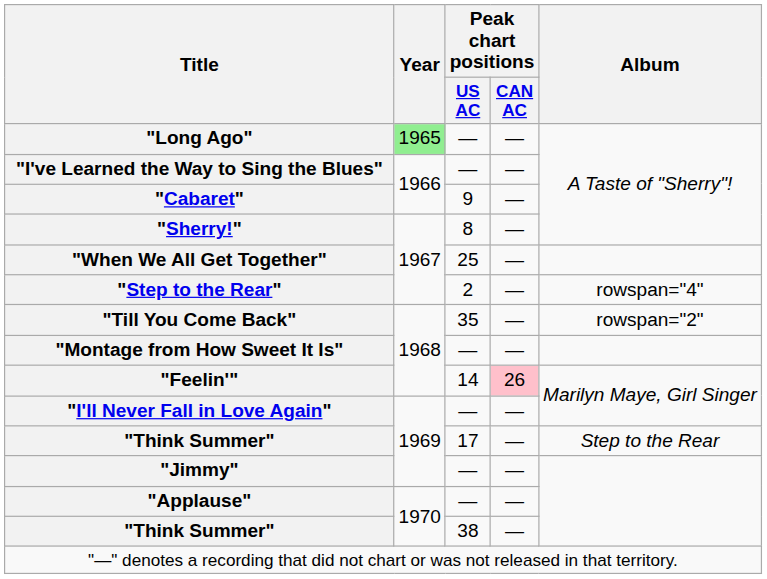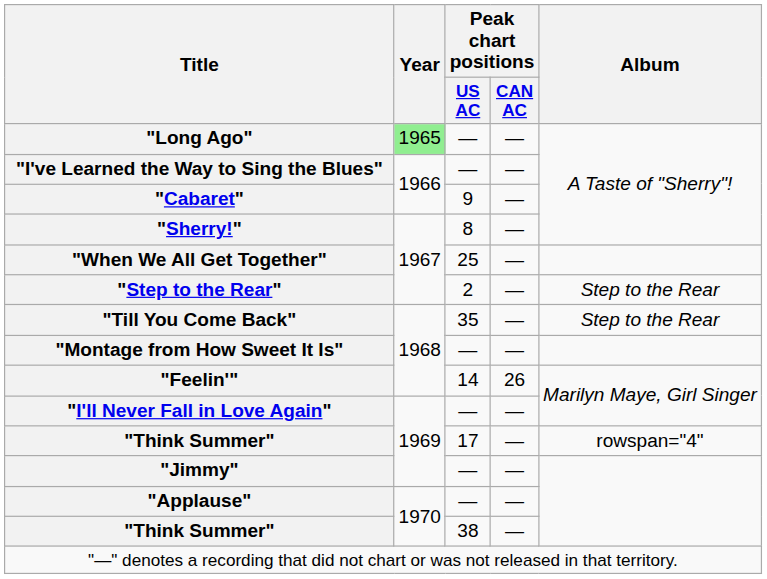 <table class="wikitable plainrowheaders" style="text-align:center;" border="1">
 <tr>
 <th scope="col" rowspan="2" style="width:20em;">Title</th>
 <th scope="col" rowspan="2">Year</th>
 <th scope="col" colspan="2">Peak chart<br>positions</th>
 <th scope="col" rowspan="2">Album</th>
 </tr>
 <tr>
 <th scope="col" style="width:2em;font-size:90%;"><a href='#'>US<br>AC</a><br></th>
 <th scope="col" style="width:2em;font-size:90%;"><a href='#'>CAN<br>AC</a><br></th>
 </tr>
 <tr>
 <th scope="row">"Long Ago"</th>
 <td style="background: lightgreen;">1965</td>
 <td>—</td>
 <td>—</td>
 <td rowspan="4"><em>A Taste of "Sherry"!</em></td>
 </tr>
 <tr>
 <th scope="row">"I've Learned the Way to Sing the Blues"</th>
 <td rowspan="2">1966</td>
 <td>—</td>
 <td>—</td>
 </tr>
 <tr>
 <th scope="row">"<a href='#'>Cabaret</a>"</th>
 <td>9</td>
 <td>—</td>
 </tr>
 <tr>
 <th scope="row">"<a href='#'>Sherry!</a>"</th>
 <td rowspan="3">1967</td>
 <td>8</td>
 <td>—</td>
 </tr>
 <tr>
 <th scope="row">"When We All Get Together"</th>
 <td>25</td>
 <td>—</td>
 <td></td>
 </tr>
 <tr>
 <th scope="row">"<a href='#'>Step to the Rear</a>"</th>
 <td>2</td>
 <td>—</td>
-<td>rowspan="4" </td>
+<td><em>Step to the Rear</em></td>
 </tr>
 <tr>
 <th scope="row">"Till You Come Back"</th>
 <td rowspan="3">1968</td>
 <td>35</td>
 <td>—</td>
-<td>rowspan="2" </td>
+<td><em>Step to the Rear</em></td>
 </tr>
 <tr>
 <th scope="row">"Montage from How Sweet It Is"</th>
 <td>—</td>
 <td>—</td>
 </tr>
 <tr>
 <th scope="row">"Feelin'"</th>
 <td>14</td>
-<td style="background: pink;">26</td>
+<td>26</td>
 <td rowspan="2"><em>Marilyn Maye, Girl Singer</em></td>
 </tr>
 <tr>
 <th scope="row">"<a href='#'>I'll Never Fall in Love Again</a>"</th>
 <td rowspan="3">1969</td>
 <td>—</td>
 <td>—</td>
 </tr>
 <tr>
 <th scope="row">"Think Summer" </th>
 <td>17</td>
 <td>—</td>
-<td><em>Step to the Rear</em></td>
+<td>rowspan="4" </td>
 </tr>
 <tr>
 <th scope="row">"Jimmy"</th>
 <td>—</td>
 <td>—</td>
 </tr>
 <tr>
 <th scope="row">"Applause"</th>
 <td rowspan="2">1970</td>
 <td>—</td>
 <td>—</td>
 </tr>
 <tr>
 <th scope="row">"Think Summer" </th>
 <td>38</td>
 <td>—</td>
 </tr>
 <tr>
 <td colspan="5" style="font-size:90%">"—" denotes a recording that did not chart or was not released in that territory.</td>
 </tr>
 </table>
